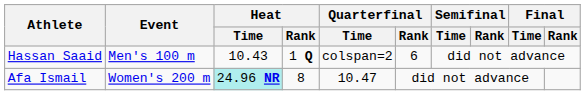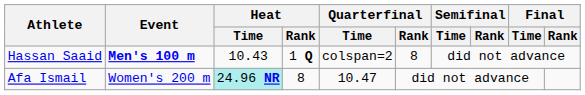 <table class=wikitable style="font-size:90%">
 <tr>
 <th rowspan="2">Athlete</th>
 <th rowspan="2">Event</th>
 <th colspan="2">Heat</th>
 <th colspan="2">Quarterfinal</th>
 <th colspan="2">Semifinal</th>
 <th colspan="2">Final</th>
 </tr>
 <tr style="font-size:95%">
 <th>Time</th>
 <th>Rank</th>
 <th>Time</th>
 <th>Rank</th>
 <th>Time</th>
 <th>Rank</th>
 <th>Time</th>
 <th>Rank</th>
 </tr>
 <tr align=center>
 <td align=left><a href='#'>Hassan Saaid</a></td>
-<td align=left><a href='#'>Men's 100 m</a></td>
+<td align=left><strong><a href='#'>Men's 100 m</a></strong></td>
 <td>10.43</td>
 <td>1 <strong>Q</strong></td>
 <td>colspan=2 </td>
-<td>6</td>
+<td>8</td>
 <td colspan=4>did not advance</td>
 </tr>
 <tr align=center>
 <td align=left><a href='#'>Afa Ismail</a></td>
 <td align=left><a href='#'>Women's 200 m</a></td>
 <td style="background: paleturquoise;">24.96 <strong><a href='#'>NR</a></strong></td>
 <td>8</td>
 <td>10.47</td>
 <td colspan=4>did not advance</td>
 </tr>
 </table>
